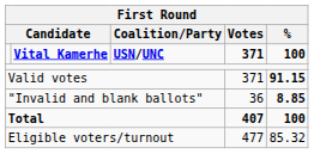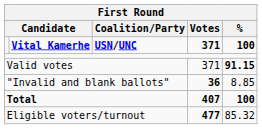 <table class=wikitable style=text-align:right>
 <tr>
 <th colspan="5">First Round</th>
 </tr>
 <tr>
 <th colspan=2>Candidate</th>
 <th>Coalition/Party</th>
 <th>Votes</th>
 <th>%</th>
 </tr>
 <tr>
 <td bgcolor=></td>
 <td align=left><strong><a href='#'>Vital Kamerhe</a></strong></td>
 <td align=left><strong><a href='#'>USN</a>/<a href='#'>UNC</a></strong></td>
 <td><strong>371</strong></td>
 <td><strong>100</strong></td>
 </tr>
 <tr>
 <td colspan=12></td>
 </tr>
 <tr>
 <td style="text-align:left;" colspan=3>Valid votes</td>
 <td>371</td>
 <td><strong>91.15</strong></td>
 </tr>
 <tr>
 <td style="text-align:left;" colspan=3>"Invalid and blank ballots"</td>
-<td>36</td>
-<td><strong>8.85</strong></td>
+<td><strong>36</strong></td>
+<td>8.85</td>
 </tr>
 <tr>
 <td style="text-align:left;" colspan=3><strong>Total</strong></td>
 <td><strong>407</strong></td>
 <td><strong>100</strong></td>
 </tr>
 <tr>
 <td style="text-align:left;" colspan=3>Eligible voters/turnout</td>
-<td>477</td>
+<td><strong>477</strong></td>
 <td>85.32</td>
 </tr>
 </table>
